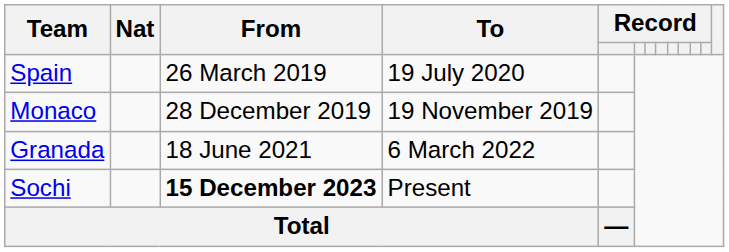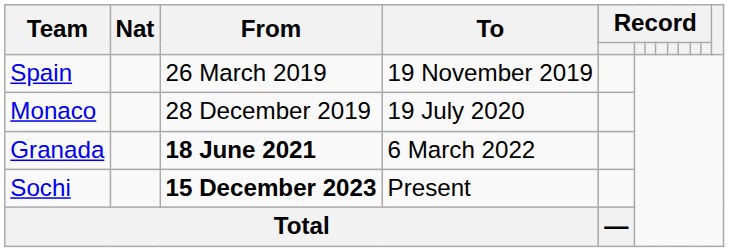 <table class=wikitable style="text-align: center">
 <tr>
 <th rowspan=2>Team</th>
 <th rowspan=2>Nat</th>
 <th rowspan=2>From</th>
 <th rowspan=2>To</th>
 <th colspan=8>Record</th>
 <th rowspan=2></th>
 </tr>
 <tr>
 <th></th>
 <th></th>
 <th></th>
 <th></th>
 <th></th>
 <th></th>
 <th></th>
 <th></th>
 </tr>
 <tr>
 <td align=left><a href='#'>Spain</a></td>
 <td></td>
 <td align=left>26 March 2019</td>
-<td align=left>19 July 2020<br></td>
+<td align=left>19 November 2019<br></td>
 <td></td>
 </tr>
 <tr>
 <td align=left><a href='#'>Monaco</a></td>
 <td></td>
 <td align=left>28 December 2019</td>
-<td align=left>19 November 2019<br></td>
+<td align=left>19 July 2020<br></td>
 <td></td>
 </tr>
 <tr>
 <td align=left><a href='#'>Granada</a></td>
 <td></td>
-<td align=left>18 June 2021</td>
+<td align=left><strong>18 June 2021</strong></td>
 <td align=left>6 March 2022<br></td>
 <td></td>
 </tr>
 <tr>
 <td align=left><a href='#'>Sochi</a></td>
 <td></td>
 <td align=left><strong>15 December 2023</strong></td>
 <td align=left>Present<br></td>
 <td></td>
 </tr>
 <tr>
 <th colspan="4">Total<br></th>
 <th>—</th>
 </tr>
 </table>
